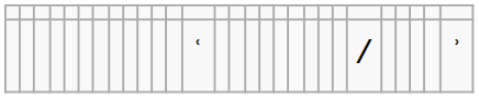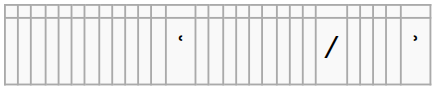 <table class="wikitable" style="line-height:180%;font-size:larger">
 <tr>
 <td></td>
 <td></td>
 <td></td>
 <td></td>
 <td></td>
 <td></td>
 <td></td>
 <td></td>
 <td></td>
 <td></td>
 <td></td>
 <td></td>
 <td></td>
 <td></td>
 <td></td>
 <td></td>
 <td></td>
 <td></td>
 <td></td>
 <td></td>
 <td></td>
 <td></td>
 <td></td>
 <td></td>
 <td></td>
 <td></td>
 <td></td>
 <td></td>
 </tr>
 <tr>
 <td></td>
 <td></td>
 <td></td>
 <td></td>
 <td></td>
 <td></td>
 <td></td>
 <td></td>
 <td></td>
 <td></td>
 <td></td>
 <td></td>
-<td>ʿ</td>
+<td><strong>ʿ</strong></td>
 <td></td>
 <td></td>
 <td></td>
 <td></td>
 <td></td>
 <td></td>
 <td></td>
 <td></td>
 <td></td>
 <td>/</td>
 <td></td>
 <td></td>
 <td></td>
 <td></td>
-<td>ʾ</td>
+<td><strong>ʾ</strong></td>
 </tr>
 </table>
